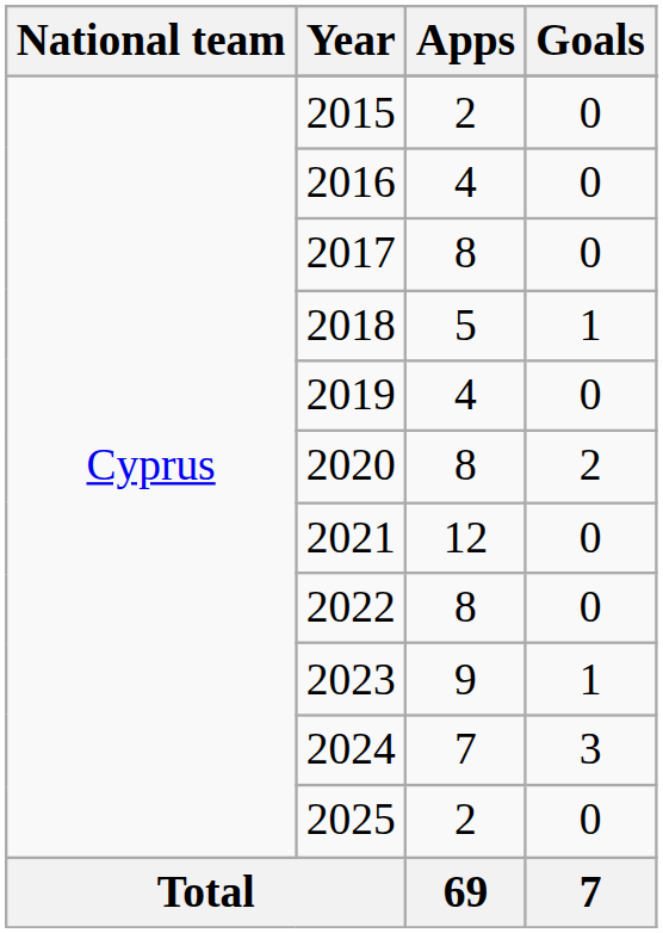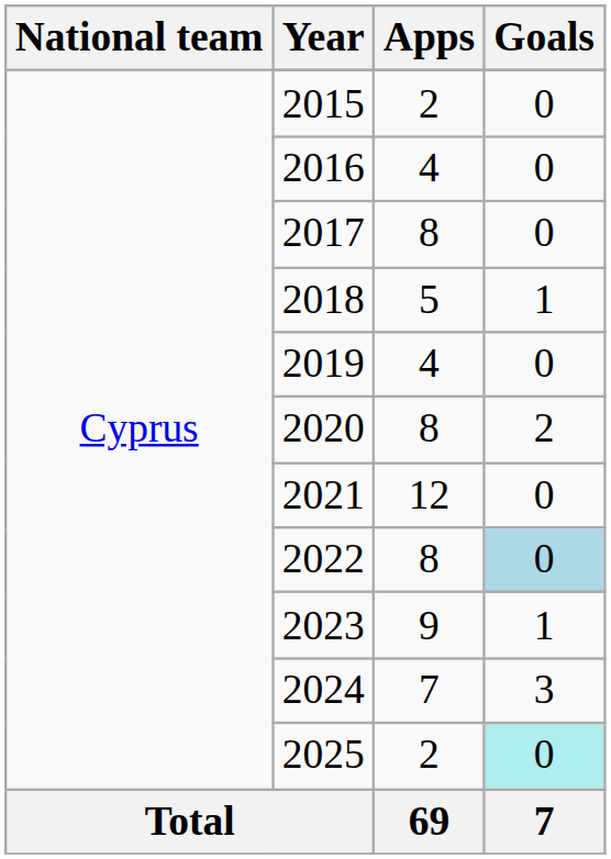 <table class="wikitable" style="text-align: center;">
 <tr>
 <th>National team</th>
 <th>Year</th>
 <th>Apps</th>
 <th>Goals</th>
 </tr>
 <tr>
 <td rowspan="12"><a href='#'>Cyprus</a></td>
 </tr>
 <tr>
 <td>2015</td>
 <td>2</td>
 <td>0</td>
 </tr>
 <tr>
 <td>2016</td>
 <td>4</td>
 <td>0</td>
 </tr>
 <tr>
 <td>2017</td>
 <td>8</td>
 <td>0</td>
 </tr>
 <tr>
 <td>2018</td>
 <td>5</td>
 <td>1</td>
 </tr>
 <tr>
 <td>2019</td>
 <td>4</td>
 <td>0</td>
 </tr>
 <tr>
 <td>2020</td>
 <td>8</td>
 <td>2</td>
 </tr>
 <tr>
 <td>2021</td>
 <td>12</td>
 <td>0</td>
 </tr>
 <tr>
 <td>2022</td>
 <td>8</td>
-<td>0</td>
+<td style="background: lightblue;">0</td>
 </tr>
 <tr>
 <td>2023</td>
 <td>9</td>
 <td>1</td>
 </tr>
 <tr>
 <td>2024</td>
 <td>7</td>
 <td>3</td>
 </tr>
 <tr>
 <td>2025</td>
 <td>2</td>
-<td>0</td>
+<td style="background: paleturquoise;">0</td>
 </tr>
 <tr>
 <th colspan=2>Total</th>
 <th>69</th>
 <th>7</th>
 </tr>
 </table>
